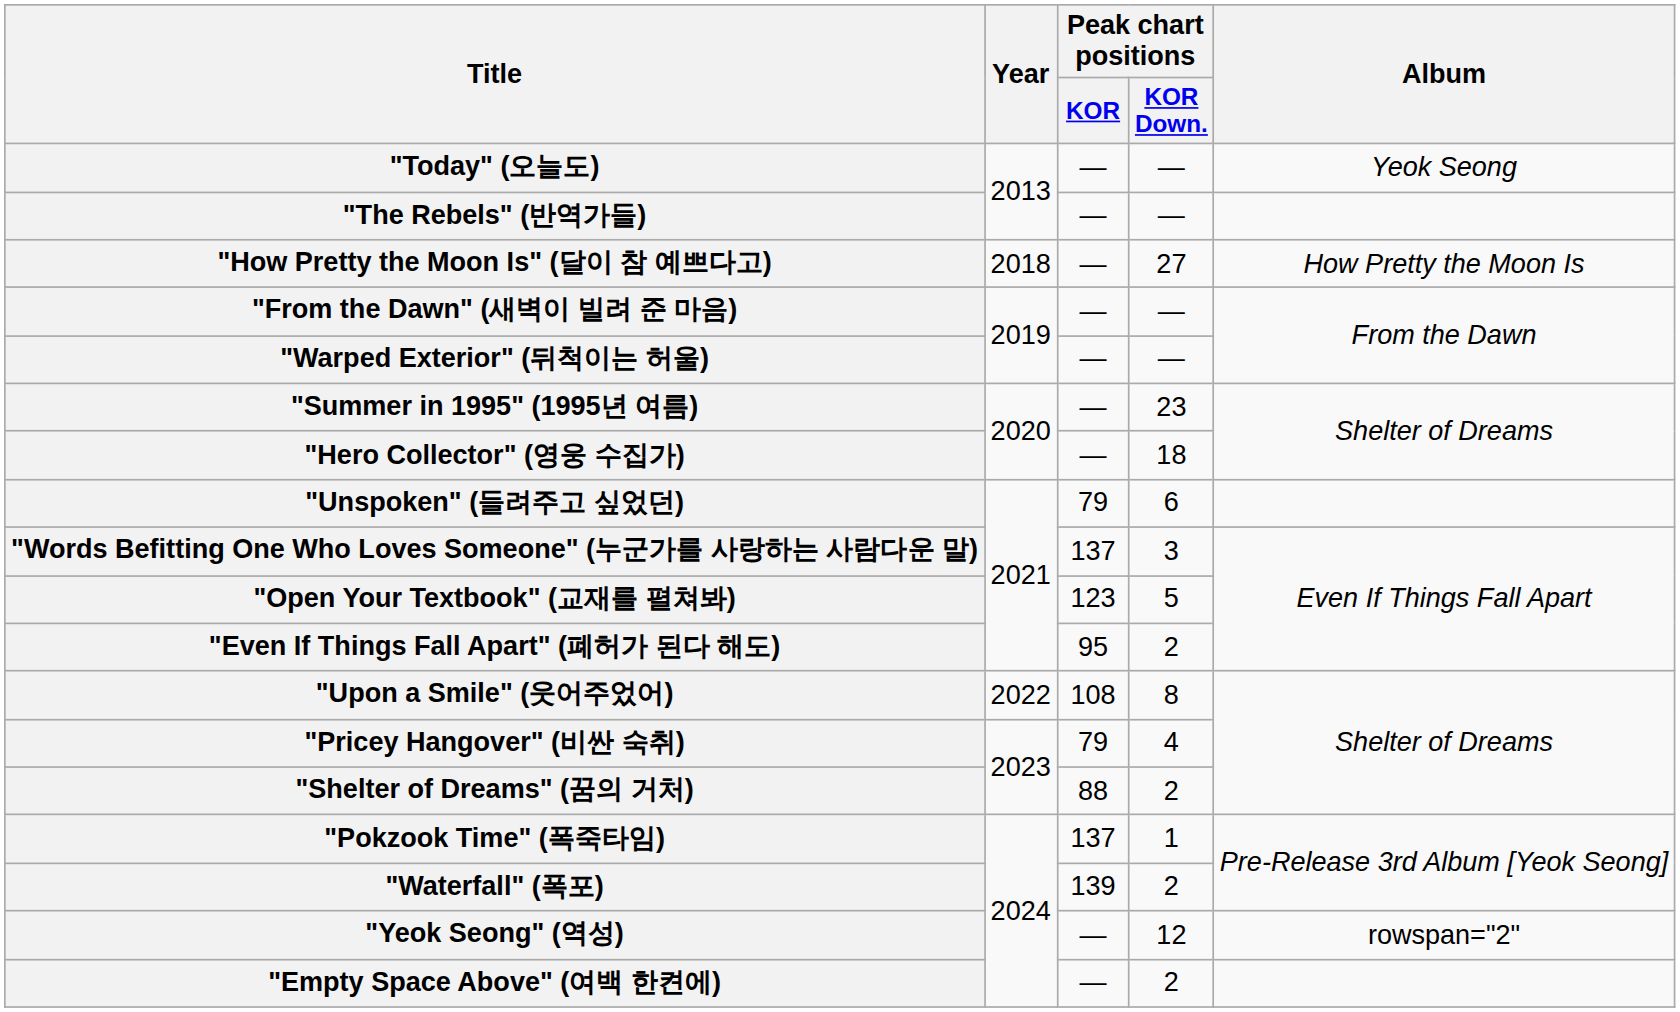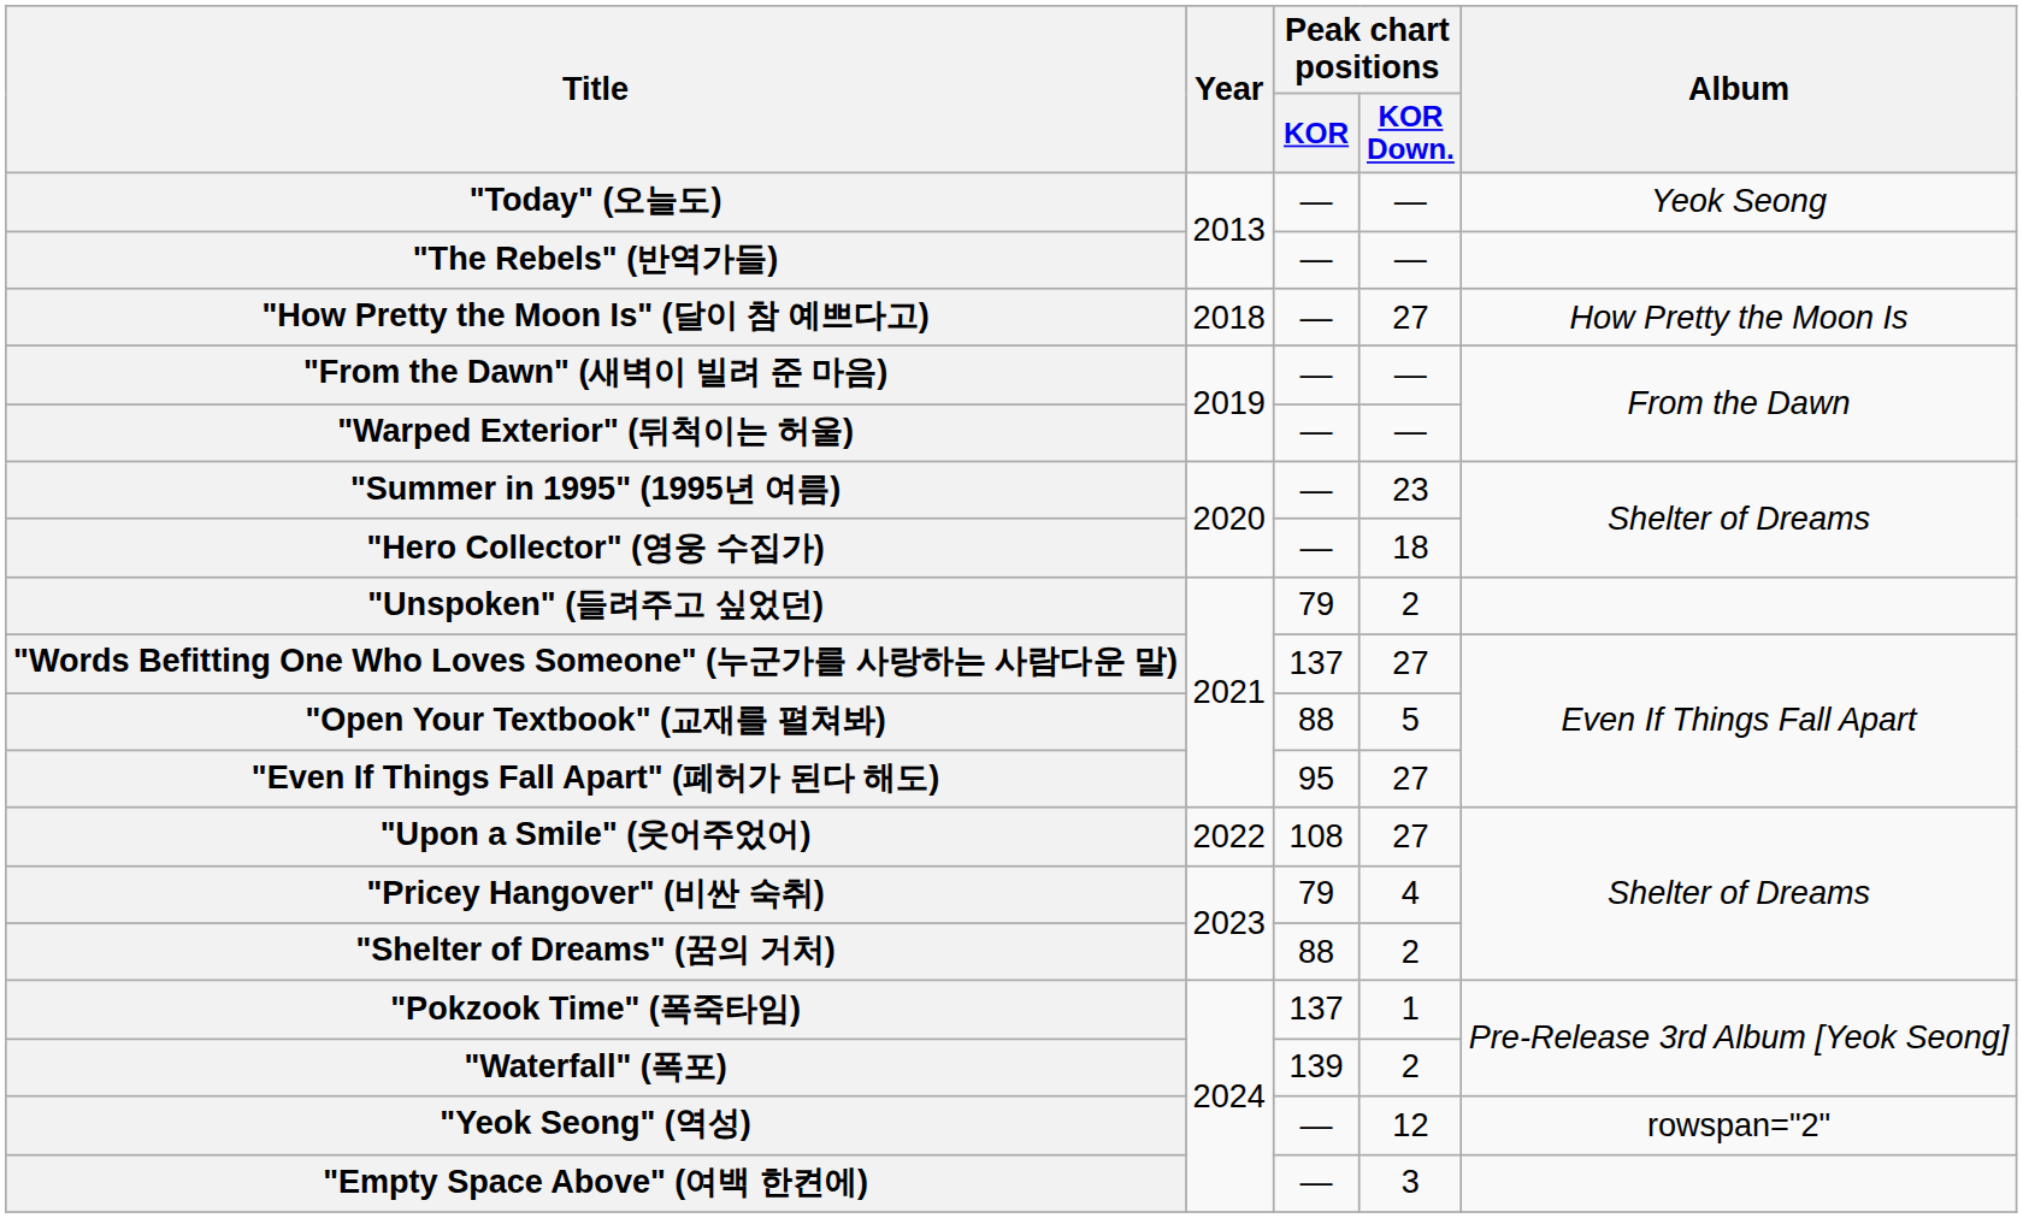 <table class="wikitable plainrowheaders" style="text-align:center;">
 <tr>
 <th rowspan="2" scope="col">Title</th>
 <th rowspan="2" scope="col">Year</th>
 <th colspan="2" scope="col">Peak chart positions</th>
 <th rowspan="2" scope="col">Album</th>
 </tr>
 <tr>
 <th scope="col" style="width:2.5em;font-size:90%;"><a href='#'>KOR</a><br></th>
 <th scope="col" style="width:2.5em;font-size:90%;"><a href='#'>KOR<br>Down.</a><br></th>
 </tr>
 <tr>
 <th scope="row">"Today" (오늘도)</th>
 <td rowspan="2">2013</td>
 <td>—</td>
 <td>—</td>
 <td><em>Yeok Seong</em></td>
 </tr>
 <tr>
 <th scope="row">"The Rebels" (반역가들)</th>
 <td>—</td>
 <td>—</td>
 </tr>
 <tr>
 <th scope="row">"How Pretty the Moon Is" (달이 참 예쁘다고)</th>
 <td>2018</td>
 <td>—</td>
 <td>27</td>
 <td><em>How Pretty the Moon Is</em></td>
 </tr>
 <tr>
 <th scope="row">"From the Dawn" (새벽이 빌려 준 마음)</th>
 <td rowspan="2">2019</td>
 <td>—</td>
 <td>—</td>
 <td rowspan="2"><em>From the Dawn</em></td>
 </tr>
 <tr>
 <th scope="row">"Warped Exterior" (뒤척이는 허울)</th>
 <td>—</td>
 <td>—</td>
 </tr>
 <tr>
 <th scope="row">"Summer in 1995" (1995년 여름)</th>
 <td rowspan="2">2020</td>
 <td>—</td>
 <td>23</td>
 <td rowspan="2"><em>Shelter of Dreams</em></td>
 </tr>
 <tr>
 <th scope="row">"Hero Collector" (영웅 수집가)</th>
 <td>—</td>
 <td>18</td>
 </tr>
 <tr>
 <th scope="row">"Unspoken" (들려주고 싶었던)</th>
 <td rowspan="4">2021</td>
 <td>79</td>
-<td>6</td>
+<td>2</td>
 <td></td>
 </tr>
 <tr>
 <th scope="row">"Words Befitting One Who Loves Someone" (누군가를 사랑하는 사람다운 말)</th>
 <td>137</td>
-<td>3</td>
+<td>27</td>
 <td rowspan="3"><em>Even If Things Fall Apart</em></td>
 </tr>
 <tr>
 <th scope="row">"Open Your Textbook" (교재를 펼쳐봐)</th>
-<td>123</td>
+<td>88</td>
 <td>5</td>
 </tr>
 <tr>
 <th scope="row">"Even If Things Fall Apart" (폐허가 된다 해도)</th>
 <td>95</td>
-<td>2</td>
+<td>27</td>
 </tr>
 <tr>
 <th scope="row">"Upon a Smile" (웃어주었어)</th>
 <td>2022</td>
 <td>108</td>
-<td>8</td>
+<td>27</td>
 <td rowspan="3"><em>Shelter of Dreams</em></td>
 </tr>
 <tr>
 <th scope="row">"Pricey Hangover" (비싼 숙취)</th>
 <td rowspan="2">2023</td>
 <td>79</td>
 <td>4</td>
 </tr>
 <tr>
 <th scope="row">"Shelter of Dreams" (꿈의 거처)</th>
 <td>88</td>
 <td>2</td>
 </tr>
 <tr>
 <th scope="row">"Pokzook Time" (폭죽타임)</th>
 <td rowspan="4">2024</td>
 <td>137</td>
 <td>1</td>
 <td rowspan="2"><em>Pre-Release 3rd Album [Yeok Seong]</em></td>
 </tr>
 <tr>
 <th scope="row">"Waterfall" (폭포)</th>
 <td>139</td>
 <td>2</td>
 </tr>
 <tr>
 <th scope="row">"Yeok Seong" (역성)</th>
 <td>—</td>
 <td>12</td>
 <td>rowspan="2" </td>
 </tr>
 <tr>
 <th scope="row">"Empty Space Above" (여백 한켠에)</th>
 <td>—</td>
-<td>2</td>
+<td>3</td>
 <td></td>
 </tr>
 </table>
